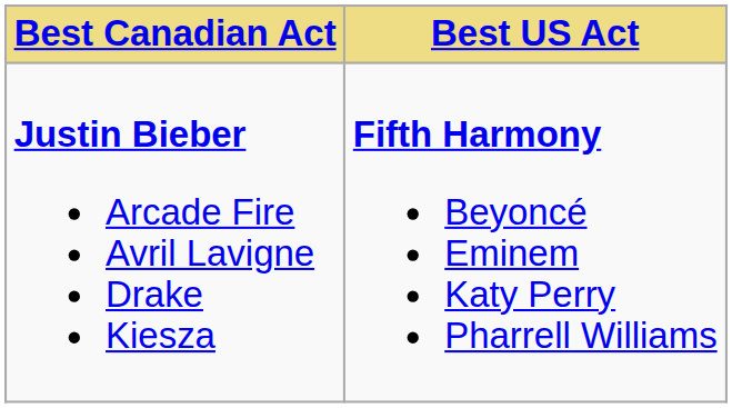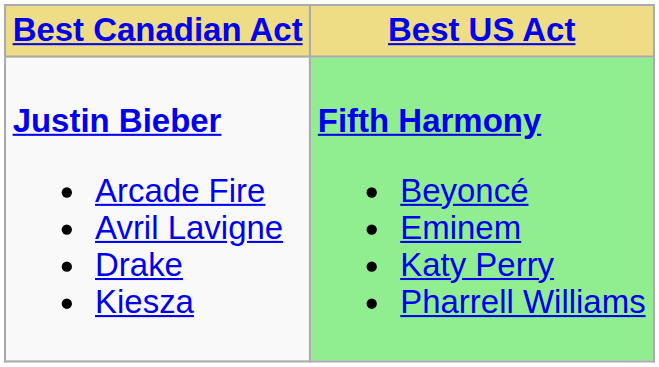 <table class=wikitable style="width=100%">
 <tr>
 <th style="background:#EEDD85; width=50%"><a href='#'>Best Canadian Act</a></th>
 <th style="background:#EEDD85; width=50%"><a href='#'>Best US Act</a></th>
 </tr>
 <tr>
 <td valign="top"><br><strong><a href='#'>Justin Bieber</a></strong><ul><li><a href='#'>Arcade Fire</a></li><li><a href='#'>Avril Lavigne</a></li><li><a href='#'>Drake</a></li><li><a href='#'>Kiesza</a></li></ul></td>
-<td valign="top"><br><strong><a href='#'>Fifth Harmony</a></strong><ul><li><a href='#'>Beyoncé</a></li><li><a href='#'>Eminem</a></li><li><a href='#'>Katy Perry</a></li><li><a href='#'>Pharrell Williams</a></li></ul></td>
+<td valign="top" style="background: lightgreen;"><br><strong><a href='#'>Fifth Harmony</a></strong><ul><li><a href='#'>Beyoncé</a></li><li><a href='#'>Eminem</a></li><li><a href='#'>Katy Perry</a></li><li><a href='#'>Pharrell Williams</a></li></ul></td>
 </tr>
 </table>
